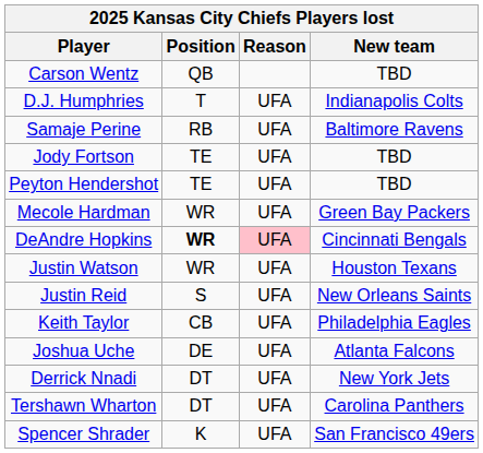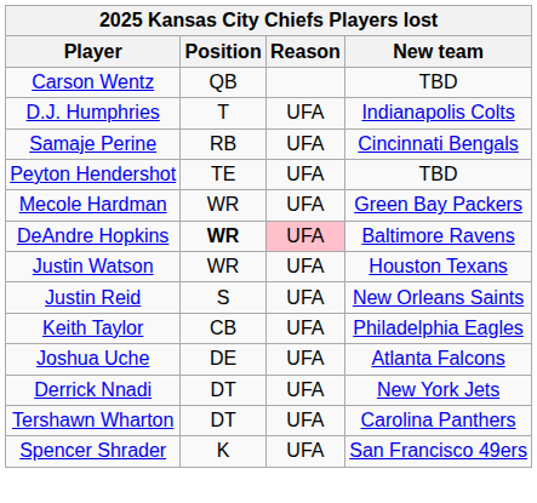 <table class="wikitable" style="text-align:center">
 <tr>
 <th colspan=4>2025 Kansas City Chiefs Players lost</th>
 </tr>
 <tr>
 <th>Player</th>
 <th>Position</th>
 <th>Reason</th>
 <th>New team</th>
 </tr>
 <tr>
 <td><a href='#'>Carson Wentz</a></td>
 <td>QB</td>
 <td></td>
 <td>TBD</td>
 </tr>
 <tr>
 <td><a href='#'>D.J. Humphries</a></td>
 <td>T</td>
 <td>UFA</td>
 <td><a href='#'>Indianapolis Colts</a></td>
 </tr>
 <tr>
 <td><a href='#'>Samaje Perine</a></td>
 <td>RB</td>
 <td>UFA</td>
-<td><a href='#'>Baltimore Ravens</a></td>
-</tr>
-<tr>
-<td><a href='#'>Jody Fortson</a></td>
-<td>TE</td>
-<td>UFA</td>
-<td>TBD</td>
+<td><a href='#'>Cincinnati Bengals</a></td>
 </tr>
 <tr>
 <td><a href='#'>Peyton Hendershot</a></td>
 <td>TE</td>
 <td>UFA</td>
 <td>TBD</td>
 </tr>
 <tr>
 <td><a href='#'>Mecole Hardman</a></td>
 <td>WR</td>
 <td>UFA</td>
 <td><a href='#'>Green Bay Packers</a></td>
 </tr>
 <tr>
 <td><a href='#'>DeAndre Hopkins</a></td>
 <td><strong>WR</strong></td>
 <td style="background: pink;">UFA</td>
-<td><a href='#'>Cincinnati Bengals</a></td>
+<td><a href='#'>Baltimore Ravens</a></td>
 </tr>
 <tr>
 <td><a href='#'>Justin Watson</a></td>
 <td>WR</td>
 <td>UFA</td>
 <td><a href='#'>Houston Texans</a></td>
 </tr>
 <tr>
 <td><a href='#'>Justin Reid</a></td>
 <td>S</td>
 <td>UFA</td>
 <td><a href='#'>New Orleans Saints</a></td>
 </tr>
 <tr>
 <td><a href='#'>Keith Taylor</a></td>
 <td>CB</td>
 <td>UFA</td>
 <td><a href='#'>Philadelphia Eagles</a></td>
 </tr>
 <tr>
 <td><a href='#'>Joshua Uche</a></td>
 <td>DE</td>
 <td>UFA</td>
 <td><a href='#'>Atlanta Falcons</a></td>
 </tr>
 <tr>
 <td><a href='#'>Derrick Nnadi</a></td>
 <td>DT</td>
 <td>UFA</td>
 <td><a href='#'>New York Jets</a></td>
 </tr>
 <tr>
 <td><a href='#'>Tershawn Wharton</a></td>
 <td>DT</td>
 <td>UFA</td>
 <td><a href='#'>Carolina Panthers</a></td>
 </tr>
 <tr>
 <td><a href='#'>Spencer Shrader</a></td>
 <td>K</td>
 <td>UFA</td>
 <td><a href='#'>San Francisco 49ers</a></td>
 </tr>
 </table>
